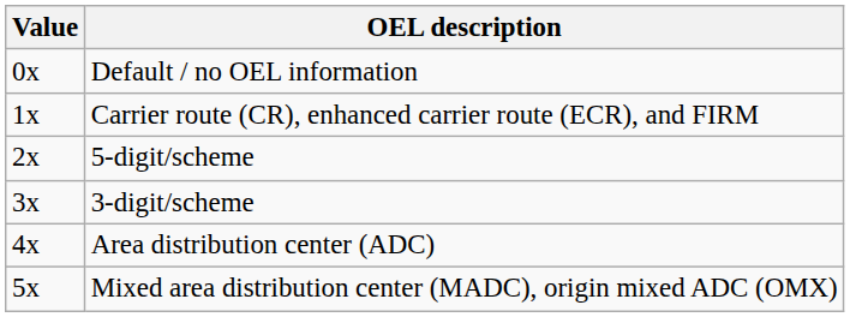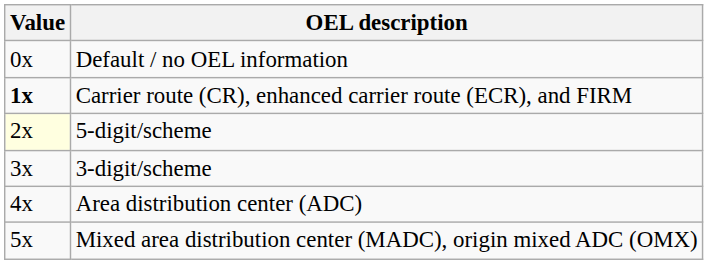 <table class="wikitable">
 <tr>
 <th>Value</th>
 <th>OEL description</th>
 </tr>
 <tr>
 <td>0x</td>
 <td>Default / no OEL information</td>
 </tr>
 <tr>
-<td>1x</td>
+<td><strong>1x</strong></td>
 <td>Carrier route (CR), enhanced carrier route (ECR), and FIRM</td>
 </tr>
 <tr>
-<td>2x</td>
+<td style="background: lightyellow;">2x</td>
 <td>5-digit/scheme</td>
 </tr>
 <tr>
 <td>3x</td>
 <td>3-digit/scheme</td>
 </tr>
 <tr>
 <td>4x</td>
 <td>Area distribution center (ADC)</td>
 </tr>
 <tr>
 <td>5x</td>
 <td>Mixed area distribution center (MADC), origin mixed ADC (OMX)</td>
 </tr>
 </table>
